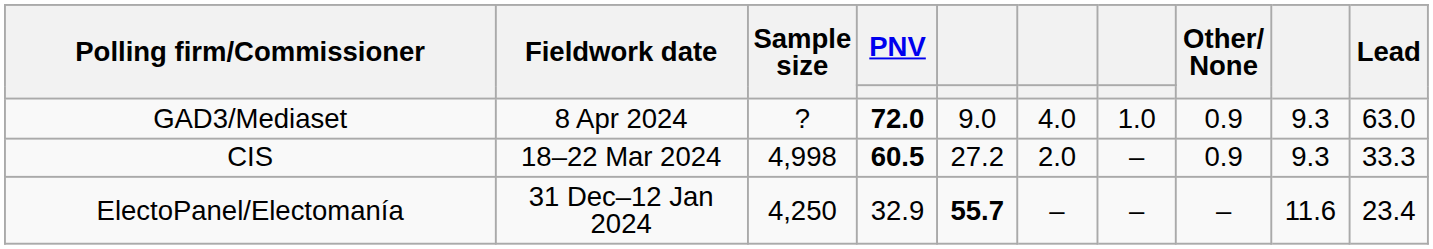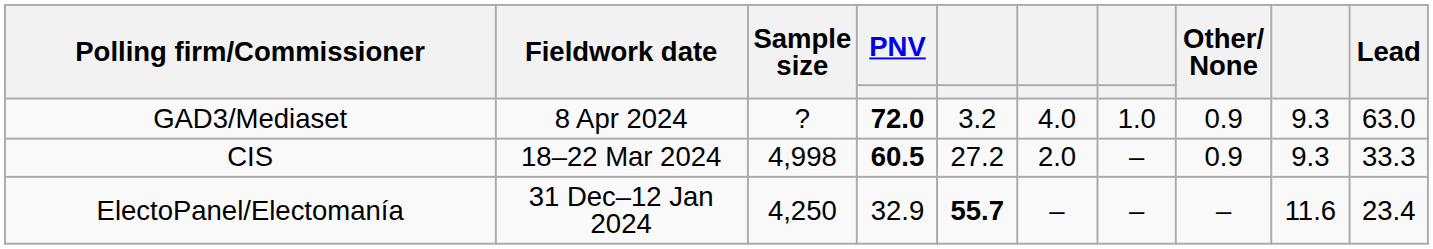 <table class="wikitable collapsible collapsed" style="text-align:center; font-size:90%; line-height:14px;">
 <tr style="height:42px;">
 <th style="width:250px;" rowspan="2">Polling firm/Commissioner</th>
 <th style="width:125px;" rowspan="2">Fieldwork date</th>
 <th style="width:50px;" rowspan="2">Sample size</th>
 <th style="width:35px;"><a href='#'>PNV</a></th>
 <th style="width:35px;"></th>
 <th style="width:35px;"></th>
 <th style="width:35px;"></th>
 <th style="width:35px;" rowspan="2">Other/<br>None</th>
 <th style="width:35px;" rowspan="2"></th>
 <th style="width:30px;" rowspan="2">Lead</th>
 </tr>
 <tr>
 <th style="color:inherit;background:"></th>
 <th style="color:inherit;background:"></th>
 <th style="color:inherit;background:"></th>
 <th style="color:inherit;background:"></th>
 </tr>
 <tr>
 <td>GAD3/Mediaset</td>
 <td>8 Apr 2024</td>
 <td>?</td>
 <td><strong>72.0</strong></td>
-<td>9.0</td>
+<td>3.2</td>
 <td>4.0</td>
 <td>1.0</td>
 <td>0.9</td>
 <td>9.3</td>
 <td style="background:">63.0</td>
 </tr>
 <tr>
 <td>CIS</td>
 <td>18–22 Mar 2024</td>
 <td>4,998</td>
 <td><strong>60.5</strong></td>
 <td>27.2</td>
 <td>2.0</td>
 <td>–</td>
 <td>0.9</td>
 <td>9.3</td>
 <td style="background:">33.3</td>
 </tr>
 <tr>
 <td>ElectoPanel/Electomanía</td>
 <td>31 Dec–12 Jan 2024</td>
 <td>4,250</td>
 <td>32.9</td>
 <td><strong>55.7</strong></td>
 <td>–</td>
 <td>–</td>
 <td>–</td>
 <td>11.6</td>
 <td style="background:">23.4</td>
 </tr>
 </table>
